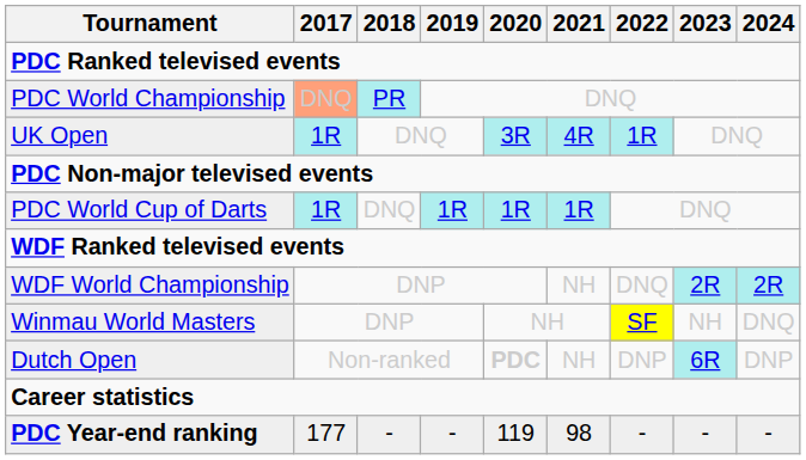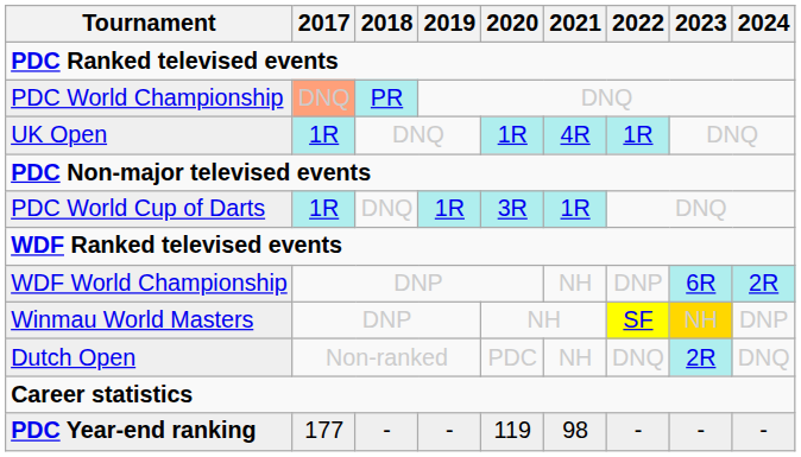 <table class="wikitable">
 <tr>
 <th>Tournament</th>
 <th>2017</th>
 <th>2018</th>
 <th>2019</th>
 <th>2020</th>
 <th>2021</th>
 <th>2022</th>
 <th>2023</th>
 <th>2024</th>
 </tr>
 <tr>
 <td colspan="31" align="left"><strong><a href='#'>PDC</a> Ranked televised events</strong></td>
 </tr>
 <tr>
 <td style="background:#efefef;"><a href='#'>PDC World Championship</a></td>
 <td style="background: lightsalmon; text-align:center; color:#ccc;">DNQ</td>
 <td style="text-align:center; background:#afeeee;"><a href='#'>PR</a></td>
 <td colspan="6" style="text-align:center; color:#ccc;">DNQ</td>
 </tr>
 <tr>
 <td style="background:#efefef;"><a href='#'>UK Open</a></td>
 <td style="text-align:center; background:#afeeee;"><a href='#'>1R</a></td>
 <td colspan="2" style="text-align:center; color:#ccc;">DNQ</td>
-<td style="text-align:center; background:#afeeee;"><a href='#'>3R</a></td>
+<td style="text-align:center; background:#afeeee;"><a href='#'>1R</a></td>
 <td style="text-align:center; background:#afeeee;"><a href='#'>4R</a></td>
 <td style="text-align:center; background:#afeeee;"><a href='#'>1R</a></td>
 <td colspan="2" style="text-align:center; color:#ccc;">DNQ</td>
 </tr>
 <tr>
 <td colspan="10" align="left"><strong><a href='#'>PDC</a> Non-major televised events</strong></td>
 </tr>
 <tr>
 <td style="background:#efefef;"><a href='#'>PDC World Cup of Darts</a></td>
 <td style="text-align:center; background:#afeeee;"><a href='#'>1R</a></td>
 <td style="text-align:center; color:#ccc;">DNQ</td>
 <td style="text-align:center; background:#afeeee;"><a href='#'>1R</a></td>
-<td style="text-align:center; background:#afeeee;"><a href='#'>1R</a></td>
+<td style="text-align:center; background:#afeeee;"><a href='#'>3R</a></td>
 <td style="text-align:center; background:#afeeee;"><a href='#'>1R</a></td>
 <td colspan="3" style="text-align:center; color:#ccc;">DNQ</td>
 </tr>
 <tr>
 <td colspan="31" align="left"><strong><a href='#'>WDF</a> Ranked televised events</strong></td>
 </tr>
 <tr>
 <td style="background:#efefef;"><a href='#'>WDF World Championship</a></td>
 <td colspan="4" style="text-align:center; color:#ccc;">DNP</td>
 <td style="text-align:center; color:#ccc;">NH</td>
-<td style="text-align:center; color:#ccc;">DNQ</td>
-<td style="text-align:center; background:#afeeee;"><a href='#'>2R</a></td>
+<td style="text-align:center; color:#ccc;">DNP</td>
+<td style="text-align:center; background:#afeeee;"><a href='#'>6R</a></td>
 <td style="text-align:center; background:#afeeee;"><a href='#'>2R</a></td>
 </tr>
 <tr>
 <td style="background:#efefef;" align=left><a href='#'>Winmau World Masters</a></td>
 <td colspan="3" style="text-align:center; color:#ccc;">DNP</td>
 <td colspan="2" style="text-align:center; color:#ccc;">NH</td>
 <td style="text-align:center; background:yellow;"><a href='#'>SF</a></td>
-<td style="text-align:center; color:#ccc;">NH</td>
-<td style="text-align:center; color:#ccc;">DNQ</td>
+<td style="background: gold; text-align:center; color:#ccc;">NH</td>
+<td style="text-align:center; color:#ccc;">DNP</td>
 </tr>
 <tr>
 <td style="background:#efefef;"><a href='#'>Dutch Open</a></td>
 <td colspan="3" style="text-align:center; color:#ccc;">Non-ranked</td>
-<td style="text-align:center; color:#ccc;"><strong>PDC</strong></td>
+<td style="text-align:center; color:#ccc;">PDC</td>
 <td style="text-align:center; color:#ccc;">NH</td>
-<td style="text-align:center; color:#ccc;">DNP</td>
-<td style="text-align:center; background:#afeeee;"><a href='#'>6R</a></td>
-<td style="text-align:center; color:#ccc;">DNP</td>
+<td style="text-align:center; color:#ccc;">DNQ</td>
+<td style="text-align:center; background:#afeeee;"><a href='#'>2R</a></td>
+<td style="text-align:center; color:#ccc;">DNQ</td>
 </tr>
 <tr>
 <td colspan="10" align="left"><strong>Career statistics</strong></td>
 </tr>
 <tr bgcolor="efefef">
 <td align="left"><strong><a href='#'>PDC</a> Year-end ranking</strong></td>
 <td style="text-align:center;">177</td>
 <td style="text-align:center;">-</td>
 <td style="text-align:center;">-</td>
 <td style="text-align:center;">119</td>
 <td style="text-align:center;">98</td>
 <td style="text-align:center;">-</td>
 <td style="text-align:center;">-</td>
 <td style="text-align:center;">-</td>
 </tr>
 </table>
